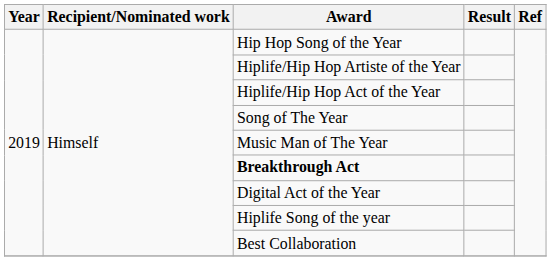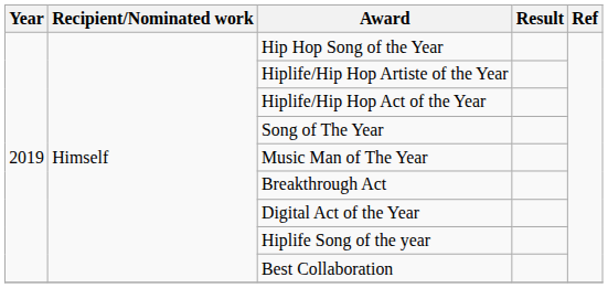 <table class="wikitable">
 <tr>
 <th><strong>Year</strong></th>
 <th><strong>Recipient/Nominated work</strong></th>
 <th><strong>Award</strong></th>
 <th><strong>Result</strong></th>
 <th><strong>Ref</strong></th>
 </tr>
 <tr>
 <td rowspan="9">2019</td>
 <td rowspan="9">Himself</td>
 <td>Hip Hop Song of the Year</td>
 <td></td>
 <td rowspan="9"></td>
 </tr>
 <tr>
 <td>Hiplife/Hip Hop Artiste of the Year</td>
 <td></td>
 </tr>
 <tr>
 <td>Hiplife/Hip Hop Act of the Year</td>
 <td></td>
 </tr>
 <tr>
 <td>Song of The Year</td>
 <td></td>
 </tr>
 <tr>
 <td>Music Man of The Year</td>
 <td></td>
 </tr>
 <tr>
-<td><strong>Breakthrough Act</strong></td>
+<td>Breakthrough Act</td>
 <td></td>
 </tr>
 <tr>
 <td>Digital Act of the Year</td>
 <td></td>
 </tr>
 <tr>
 <td>Hiplife Song of the year</td>
 <td></td>
 </tr>
 <tr>
 <td>Best Collaboration</td>
 <td></td>
 </tr>
 <tr>
 </tr>
 </table>
